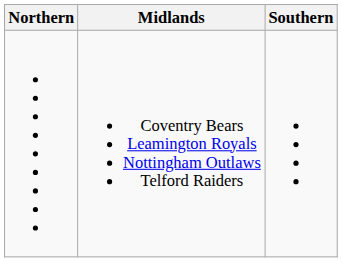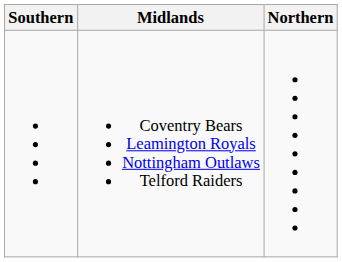 <table class="wikitable" style="text-align: center;">
 <tr>
+<th>Southern</th>
+<th>Midlands</th>
 <th>Northern</th>
-<th>Midlands</th>
-<th>Southern</th>
 </tr>
 <tr>
+<td><br><ul><li></li><li></li><li></li><li></li></ul></td>
+<td><br><ul><li>Coventry Bears</li><li><a href='#'>Leamington Royals</a></li><li><a href='#'>Nottingham Outlaws</a></li><li>Telford Raiders</li></ul></td>
 <td><br><ul><li></li><li></li><li></li><li></li><li></li><li></li><li></li><li></li><li></li></ul></td>
-<td><br><ul><li>Coventry Bears</li><li><a href='#'>Leamington Royals</a></li><li><a href='#'>Nottingham Outlaws</a></li><li>Telford Raiders</li></ul></td>
-<td><br><ul><li></li><li></li><li></li><li></li></ul></td>
 </tr>
 </table>
